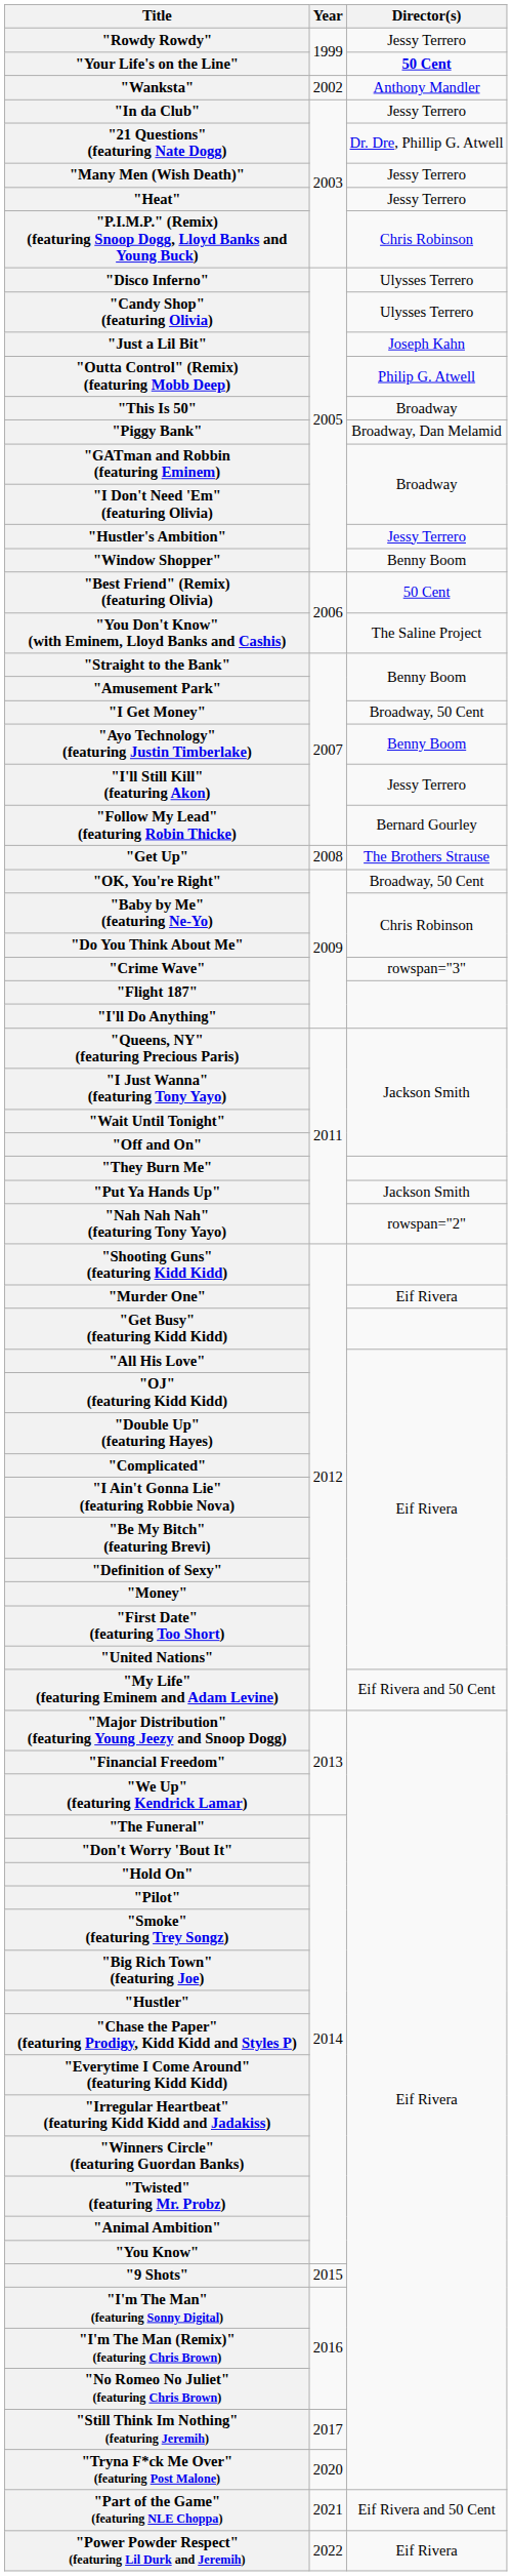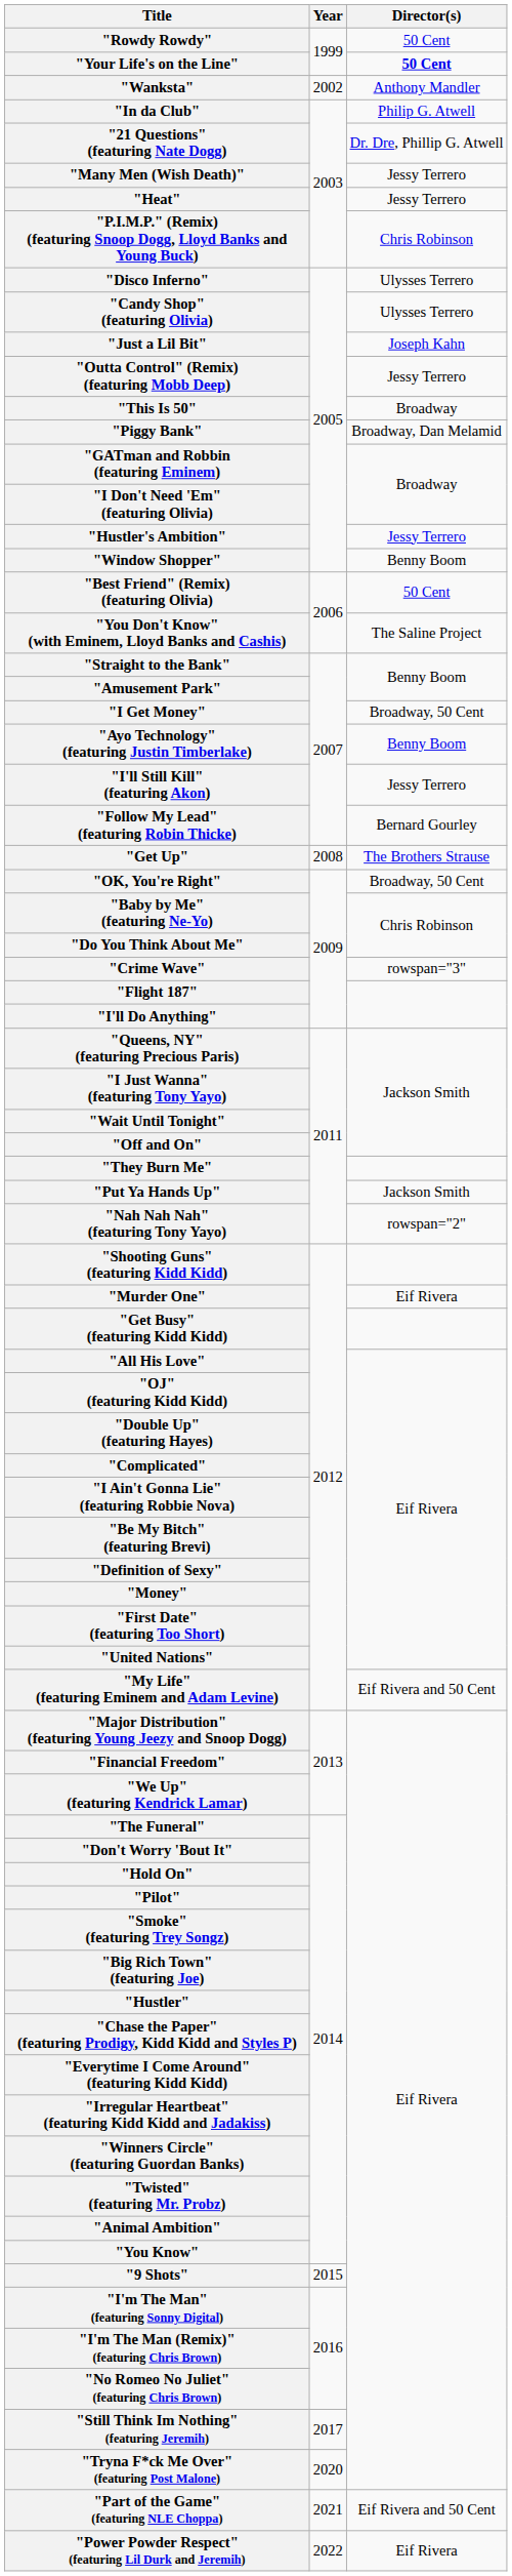 <table class="wikitable plainrowheaders" style="text-align:center;">
 <tr>
 <th scope="col" style="width:20em;">Title</th>
 <th scope="col">Year</th>
 <th scope="col">Director(s)</th>
 </tr>
 <tr>
 <th scope="row">"Rowdy Rowdy"</th>
 <td rowspan="2">1999</td>
-<td>Jessy Terrero</td>
+<td><a href='#'>50 Cent</a></td>
 </tr>
 <tr>
 <th scope="row">"Your Life's on the Line"</th>
 <td><strong><a href='#'>50 Cent</a></strong></td>
 </tr>
 <tr>
 <th scope="row">"Wanksta"</th>
 <td>2002</td>
 <td><a href='#'>Anthony Mandler</a></td>
 </tr>
 <tr>
 <th scope="row">"In da Club"</th>
 <td rowspan="5">2003</td>
-<td>Jessy Terrero</td>
+<td><a href='#'>Philip G. Atwell</a></td>
 </tr>
 <tr>
 <th scope="row">"21 Questions"<br><span>(featuring <a href='#'>Nate Dogg</a>)</span></th>
 <td><a href='#'>Dr. Dre</a>, Phillip G. Atwell</td>
 </tr>
 <tr>
 <th scope="row">"Many Men (Wish Death)"</th>
 <td>Jessy Terrero</td>
 </tr>
 <tr>
 <th scope="row">"Heat"</th>
 <td>Jessy Terrero</td>
 </tr>
 <tr>
 <th scope="row">"P.I.M.P." (Remix)<br><span>(featuring <a href='#'>Snoop Dogg</a>, <a href='#'>Lloyd Banks</a> and <a href='#'>Young Buck</a>)</span></th>
 <td><a href='#'>Chris Robinson</a></td>
 </tr>
 <tr>
 <th scope="row">"Disco Inferno"</th>
 <td rowspan="10">2005</td>
 <td>Ulysses Terrero</td>
 </tr>
 <tr>
 <th scope="row">"Candy Shop"<br><span>(featuring <a href='#'>Olivia</a>)</span></th>
 <td>Ulysses Terrero</td>
 </tr>
 <tr>
 <th scope="row">"Just a Lil Bit"</th>
 <td><a href='#'>Joseph Kahn</a></td>
 </tr>
 <tr>
 <th scope="row">"Outta Control" (Remix)<br><span>(featuring <a href='#'>Mobb Deep</a>)</span></th>
-<td><a href='#'>Philip G. Atwell</a></td>
+<td>Jessy Terrero</td>
 </tr>
 <tr>
 <th scope="row">"This Is 50"</th>
 <td>Broadway</td>
 </tr>
 <tr>
 <th scope="row">"Piggy Bank"</th>
 <td>Broadway, Dan Melamid</td>
 </tr>
 <tr>
 <th scope="row">"GATman and Robbin<br><span>(featuring <a href='#'>Eminem</a>)</span></th>
 <td rowspan="2">Broadway</td>
 </tr>
 <tr>
 <th scope="row">"I Don't Need 'Em"<br><span>(featuring Olivia)</span></th>
 </tr>
 <tr>
 <th scope="row">"Hustler's Ambition"</th>
 <td><a href='#'>Jessy Terrero</a></td>
 </tr>
 <tr>
 <th scope="row">"Window Shopper"</th>
 <td>Benny Boom</td>
 </tr>
 <tr>
 <th scope="row">"Best Friend" (Remix)<br><span>(featuring Olivia)</span></th>
 <td rowspan="2">2006</td>
 <td><a href='#'>50 Cent</a></td>
 </tr>
 <tr>
 <th scope="row">"You Don't Know"<br><span>(with Eminem, Lloyd Banks and <a href='#'>Cashis</a>)</span></th>
 <td>The Saline Project</td>
 </tr>
 <tr>
 <th scope="row">"Straight to the Bank"</th>
 <td rowspan="6">2007</td>
 <td rowspan="2">Benny Boom</td>
 </tr>
 <tr>
 <th scope="row">"Amusement Park"</th>
 </tr>
 <tr>
 <th scope="row">"I Get Money"</th>
 <td>Broadway, 50 Cent</td>
 </tr>
 <tr>
 <th scope="row">"Ayo Technology"<br><span>(featuring <a href='#'>Justin Timberlake</a>)</span></th>
 <td><a href='#'>Benny Boom</a></td>
 </tr>
 <tr>
 <th scope="row">"I'll Still Kill"<br><span>(featuring <a href='#'>Akon</a>)</span></th>
 <td>Jessy Terrero</td>
 </tr>
 <tr>
 <th scope="row">"Follow My Lead"<br><span>(featuring <a href='#'>Robin Thicke</a>)</span></th>
 <td>Bernard Gourley</td>
 </tr>
 <tr>
 <th scope="row">"Get Up"</th>
 <td>2008</td>
 <td><a href='#'>The Brothers Strause</a></td>
 </tr>
 <tr>
 <th scope="row">"OK, You're Right"</th>
 <td rowspan="6">2009</td>
 <td>Broadway, 50 Cent</td>
 </tr>
 <tr>
 <th scope="row">"Baby by Me"<br><span>(featuring <a href='#'>Ne-Yo</a>)</span></th>
 <td rowspan="2">Chris Robinson</td>
 </tr>
 <tr>
 <th scope="row">"Do You Think About Me"</th>
 </tr>
 <tr>
 <th scope="row">"Crime Wave"</th>
 <td>rowspan="3" </td>
 </tr>
 <tr>
 <th scope="row">"Flight 187"</th>
 </tr>
 <tr>
 <th scope="row">"I'll Do Anything"</th>
 </tr>
 <tr>
 <th scope="row">"Queens, NY"<br><span>(featuring Precious Paris)</span></th>
 <td rowspan="7">2011</td>
 <td rowspan="4">Jackson Smith</td>
 </tr>
 <tr>
 <th scope="row">"I Just Wanna"<br><span>(featuring <a href='#'>Tony Yayo</a>)</span></th>
 </tr>
 <tr>
 <th scope="row">"Wait Until Tonight"</th>
 </tr>
 <tr>
 <th scope="row">"Off and On"</th>
 </tr>
 <tr>
 <th scope="row">"They Burn Me"</th>
 <td></td>
 </tr>
 <tr>
 <th scope="row">"Put Ya Hands Up"</th>
 <td>Jackson Smith</td>
 </tr>
 <tr>
 <th scope="row">"Nah Nah Nah"<br><span>(featuring Tony Yayo)</span></th>
 <td>rowspan="2" </td>
 </tr>
 <tr>
 <th scope="row">"Shooting Guns"<br><span>(featuring <a href='#'>Kidd Kidd</a>)</span></th>
 <td rowspan="14">2012</td>
 </tr>
 <tr>
 <th scope="row">"Murder One"</th>
 <td>Eif Rivera</td>
 </tr>
 <tr>
 <th scope="row">"Get Busy"<br><span>(featuring Kidd Kidd)</span></th>
 <td></td>
 </tr>
 <tr>
 <th scope="row">"All His Love"</th>
 <td rowspan="10">Eif Rivera<br></td>
 </tr>
 <tr>
 <th scope="row">"OJ"<br><span>(featuring Kidd Kidd)</span></th>
 </tr>
 <tr>
 <th scope="row">"Double Up"<br><span>(featuring Hayes)</span></th>
 </tr>
 <tr>
 <th scope="row">"Complicated"</th>
 </tr>
 <tr>
 <th scope="row">"I Ain't Gonna Lie"<br><span>(featuring Robbie Nova)</span></th>
 </tr>
 <tr>
 <th scope="row">"Be My Bitch"<br><span>(featuring Brevi)</span></th>
 </tr>
 <tr>
 <th scope="row">"Definition of Sexy"</th>
 </tr>
 <tr>
 <th scope="row">"Money"</th>
 </tr>
 <tr>
 <th scope="row">"First Date"<br><span>(featuring <a href='#'>Too Short</a>)</span></th>
 </tr>
 <tr>
 <th scope="row">"United Nations"</th>
 </tr>
 <tr>
 <th scope="row">"My Life"<br><span>(featuring Eminem and <a href='#'>Adam Levine</a>)</span></th>
 <td>Eif Rivera and 50 Cent</td>
 </tr>
 <tr>
 <th scope="row">"Major Distribution"<br><span>(featuring <a href='#'>Young Jeezy</a> and Snoop Dogg)</span></th>
 <td rowspan="3">2013</td>
 <td rowspan="23">Eif Rivera<br></td>
 </tr>
 <tr>
 <th scope="row">"Financial Freedom"</th>
 </tr>
 <tr>
 <th scope="row">"We Up"<br><span>(featuring <a href='#'>Kendrick Lamar</a>)</span></th>
 </tr>
 <tr>
 <th scope="row">"The Funeral"</th>
 <td rowspan="14">2014</td>
 </tr>
 <tr>
 <th scope="row">"Don't Worry 'Bout It"</th>
 </tr>
 <tr>
 <th scope="row">"Hold On"</th>
 </tr>
 <tr>
 <th scope="row">"Pilot"</th>
 </tr>
 <tr>
 <th scope="row">"Smoke"<br><span>(featuring <a href='#'>Trey Songz</a>)</span></th>
 </tr>
 <tr>
 <th scope="row">"Big Rich Town"<br><span>(featuring <a href='#'>Joe</a>)</span></th>
 </tr>
 <tr>
 <th scope="row">"Hustler"</th>
 </tr>
 <tr>
 <th scope="row">"Chase the Paper"<br><span>(featuring <a href='#'>Prodigy</a>, Kidd Kidd and <a href='#'>Styles P</a>)</span></th>
 </tr>
 <tr>
 <th scope="row">"Everytime I Come Around"<br><span>(featuring Kidd Kidd)</span></th>
 </tr>
 <tr>
 <th scope="row">"Irregular Heartbeat"<br><span>(featuring Kidd Kidd and <a href='#'>Jadakiss</a>)</span></th>
 </tr>
 <tr>
 <th scope="row">"Winners Circle"<br><span>(featuring Guordan Banks)</span></th>
 </tr>
 <tr>
 <th scope="row">"Twisted"<br><span>(featuring <a href='#'>Mr. Probz</a>)</span></th>
 </tr>
 <tr>
 <th scope="row">"Animal Ambition"</th>
 </tr>
 <tr>
 <th scope="row">"You Know"</th>
 </tr>
 <tr>
 <th scope="row">"9 Shots"</th>
 <td>2015</td>
 </tr>
 <tr>
 <th scope="row">"I'm The Man"<br><small>(featuring <a href='#'>Sonny Digital</a>)</small></th>
 <td rowspan="3">2016</td>
 </tr>
 <tr>
 <th scope="row">"I'm The Man (Remix)"<br><small>(featuring <a href='#'>Chris Brown</a>)</small></th>
 </tr>
 <tr>
 <th scope="row">"No Romeo No Juliet"<br><small>(featuring <a href='#'>Chris Brown</a>)</small></th>
 </tr>
 <tr>
 <th scope="row">"Still Think Im Nothing"<br><small>(featuring <a href='#'>Jeremih</a>)</small></th>
 <td>2017</td>
 </tr>
 <tr>
 <th scope="row">"Tryna F*ck Me Over"<br><small>(featuring <a href='#'>Post Malone</a>)</small></th>
 <td>2020</td>
 </tr>
 <tr>
 <th scope="row">"Part of the Game"<br><small>(featuring <a href='#'>NLE Choppa</a>)</small></th>
 <td>2021</td>
 <td>Eif Rivera and 50 Cent</td>
 </tr>
 <tr>
 <th scope="row">"Power Powder Respect"<br><small>(featuring <a href='#'>Lil Durk</a> and <a href='#'>Jeremih</a>)</small></th>
 <td>2022</td>
 <td>Eif Rivera</td>
 </tr>
 </table>
